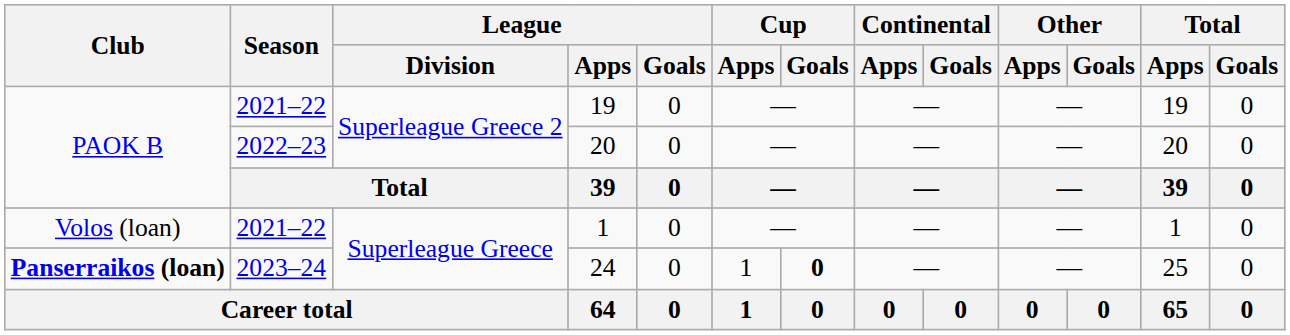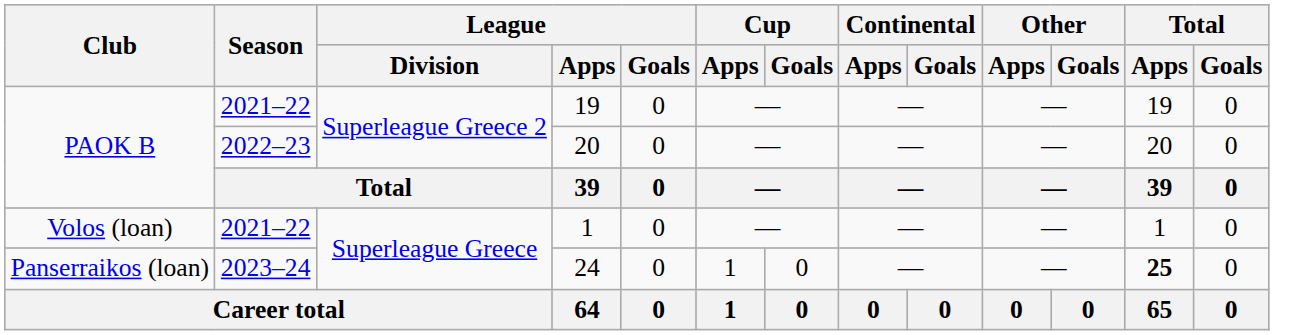 <table class="wikitable" style="text-align:center">
 <tr>
 <th rowspan=2>Club</th>
 <th rowspan=2>Season</th>
 <th colspan=3>League</th>
 <th colspan=2>Cup</th>
 <th colspan=2>Continental</th>
 <th colspan=2>Other</th>
 <th colspan=2>Total</th>
 </tr>
 <tr>
 <th>Division</th>
 <th>Apps</th>
 <th>Goals</th>
 <th>Apps</th>
 <th>Goals</th>
 <th>Apps</th>
 <th>Goals</th>
 <th>Apps</th>
 <th>Goals</th>
 <th>Apps</th>
 <th>Goals</th>
 </tr>
 <tr>
 <td rowspan="3"><a href='#'>PAOK B</a></td>
 <td><a href='#'>2021–22</a></td>
 <td rowspan="2"><a href='#'>Superleague Greece 2</a></td>
 <td>19</td>
 <td>0</td>
 <td colspan="2">—</td>
 <td colspan="2">—</td>
 <td colspan="2">—</td>
 <td>19</td>
 <td>0</td>
 </tr>
 <tr>
 <td><a href='#'>2022–23</a></td>
 <td>20</td>
 <td>0</td>
 <td colspan="2">—</td>
 <td colspan="2">—</td>
 <td colspan="2">—</td>
 <td>20</td>
 <td>0</td>
 </tr>
 <tr>
 <th colspan="2">Total</th>
 <th>39</th>
 <th>0</th>
 <th colspan="2">—</th>
 <th colspan="2">—</th>
 <th colspan="2">—</th>
 <th>39</th>
 <th>0</th>
 </tr>
 <tr>
 <td><a href='#'>Volos</a> (loan)</td>
 <td><a href='#'>2021–22</a></td>
 <td rowspan="2"><a href='#'>Superleague Greece</a></td>
 <td>1</td>
 <td>0</td>
 <td colspan="2">—</td>
 <td colspan="2">—</td>
 <td colspan="2">—</td>
 <td>1</td>
 <td>0</td>
 </tr>
 <tr>
-<td><strong><a href='#'>Panserraikos</a> (loan)</strong></td>
+<td><a href='#'>Panserraikos</a> (loan)</td>
 <td><a href='#'>2023–24</a></td>
 <td>24</td>
 <td>0</td>
 <td>1</td>
-<td><strong>0</strong></td>
+<td>0</td>
 <td colspan="2">—</td>
 <td colspan="2">—</td>
-<td>25</td>
+<td><strong>25</strong></td>
 <td>0</td>
 </tr>
 <tr>
 <th colspan="3">Career total</th>
 <th>64</th>
 <th>0</th>
 <th>1</th>
 <th>0</th>
 <th>0</th>
 <th>0</th>
 <th>0</th>
 <th>0</th>
 <th>65</th>
 <th>0</th>
 </tr>
 </table>
